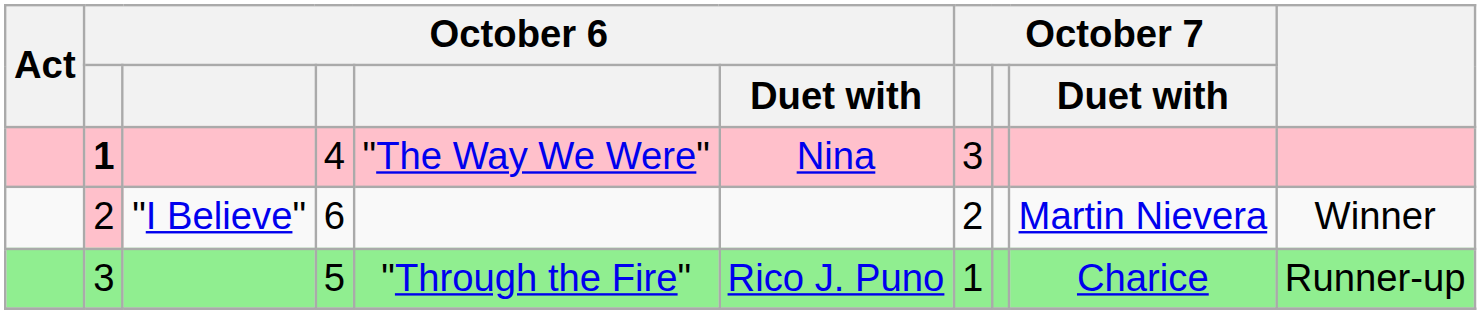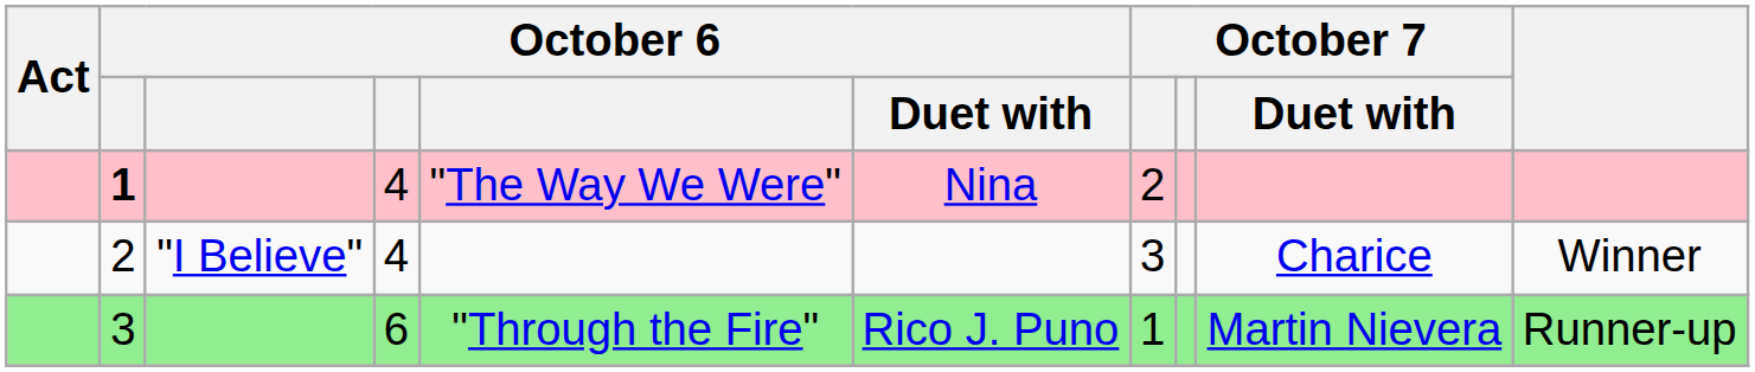 <table class="wikitable" style="text-align:center;">
 <tr>
 <th scope="col" rowspan="2">Act</th>
 <th scope="col" colspan="5">October 6</th>
 <th scope="col" colspan="3">October 7</th>
 <th scope="col" rowspan="2"></th>
 </tr>
 <tr>
 <th scope="col"></th>
 <th scope="col"></th>
 <th scope="col"></th>
 <th scope="col"></th>
 <th scope="col">Duet with</th>
 <th scope="col"></th>
 <th scope="col"></th>
 <th scope="col">Duet with</th>
 </tr>
 <tr style="background:pink;">
 <td></td>
 <td><strong>1</strong></td>
 <td></td>
 <td>4</td>
 <td>"<a href='#'>The Way We Were</a>"</td>
 <td><a href='#'>Nina</a></td>
-<td>3</td>
+<td>2</td>
 <td></td>
 <td></td>
 <td></td>
 </tr>
 <tr>
 <td></td>
-<td style="background: pink;">2</td>
+<td>2</td>
 <td>"<a href='#'>I Believe</a>"</td>
-<td>6</td>
+<td>4</td>
 <td></td>
 <td></td>
-<td>2</td>
+<td>3</td>
 <td></td>
-<td><a href='#'>Martin Nievera</a></td>
+<td><a href='#'>Charice</a></td>
 <td>Winner</td>
 </tr>
 <tr style="background:lightgreen;">
 <td></td>
 <td>3</td>
 <td></td>
-<td>5</td>
+<td>6</td>
 <td>"<a href='#'>Through the Fire</a>"</td>
 <td><a href='#'>Rico J. Puno</a></td>
 <td>1</td>
 <td></td>
-<td><a href='#'>Charice</a></td>
+<td><a href='#'>Martin Nievera</a></td>
 <td>Runner-up</td>
 </tr>
 <tr>
 </tr>
 </table>
